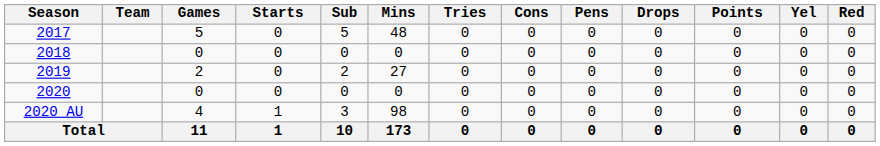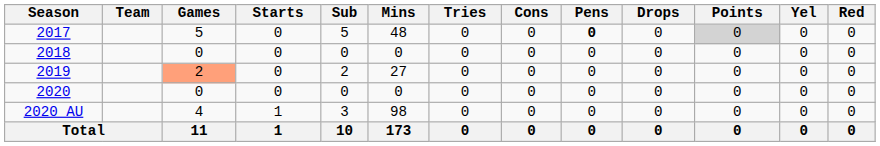 <table class="wikitable" style="text-align:center; line-height:90%; font-size:95%; width:60%;">
 <tr>
 <th>Season</th>
 <th>Team</th>
 <th>Games</th>
 <th>Starts</th>
 <th>Sub</th>
 <th>Mins</th>
 <th>Tries</th>
 <th>Cons</th>
 <th>Pens</th>
 <th>Drops</th>
 <th>Points</th>
 <th>Yel</th>
 <th>Red</th>
 </tr>
 <tr>
 <td><a href='#'>2017</a></td>
 <td></td>
 <td>5</td>
 <td>0</td>
 <td>5</td>
 <td>48</td>
 <td>0</td>
 <td>0</td>
+<td><strong>0</strong></td>
 <td>0</td>
-<td>0</td>
-<td>0</td>
+<td style="background: lightgrey;">0</td>
 <td>0</td>
 <td>0</td>
 </tr>
 <tr>
 <td><a href='#'>2018</a></td>
 <td></td>
 <td>0</td>
 <td>0</td>
 <td>0</td>
 <td>0</td>
 <td>0</td>
 <td>0</td>
 <td>0</td>
 <td>0</td>
 <td>0</td>
 <td>0</td>
 <td>0</td>
 </tr>
 <tr>
 <td><a href='#'>2019</a></td>
 <td></td>
-<td>2</td>
+<td style="background: lightsalmon;">2</td>
 <td>0</td>
 <td>2</td>
 <td>27</td>
 <td>0</td>
 <td>0</td>
 <td>0</td>
 <td>0</td>
 <td>0</td>
 <td>0</td>
 <td>0</td>
 </tr>
 <tr>
 <td><a href='#'>2020</a></td>
 <td></td>
 <td>0</td>
 <td>0</td>
 <td>0</td>
 <td>0</td>
 <td>0</td>
 <td>0</td>
 <td>0</td>
 <td>0</td>
 <td>0</td>
 <td>0</td>
 <td>0</td>
 </tr>
 <tr>
 <td><a href='#'>2020 AU</a></td>
 <td></td>
 <td>4</td>
 <td>1</td>
 <td>3</td>
 <td>98</td>
 <td>0</td>
 <td>0</td>
 <td>0</td>
 <td>0</td>
 <td>0</td>
 <td>0</td>
 <td>0</td>
 </tr>
 <tr>
 <th colspan="2">Total</th>
 <th>11</th>
 <th>1</th>
 <th>10</th>
 <th>173</th>
 <th>0</th>
 <th>0</th>
 <th>0</th>
 <th>0</th>
 <th>0</th>
 <th>0</th>
 <th>0</th>
 </tr>
 </table>
